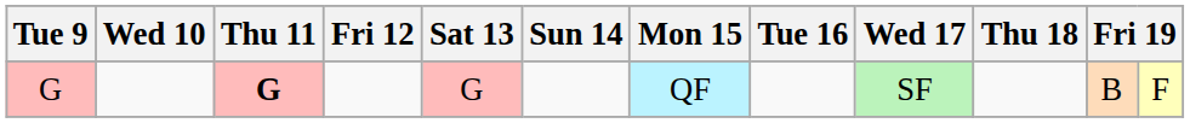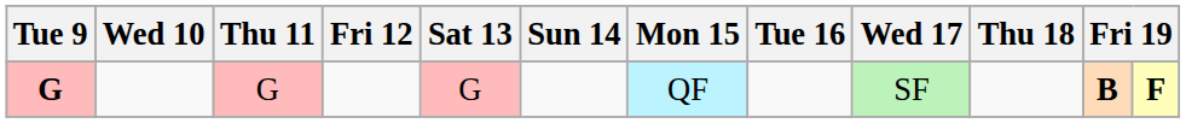 <table class="wikitable" style="margin:0.5em auto; font-size:90%; line-height:1.25em; text-align:center;">
 <tr>
 <th>Tue 9</th>
 <th>Wed 10</th>
 <th>Thu 11</th>
 <th>Fri 12</th>
 <th>Sat 13</th>
 <th>Sun 14</th>
 <th>Mon 15</th>
 <th>Tue 16</th>
 <th>Wed 17</th>
 <th>Thu 18</th>
 <th colspan="2">Fri 19</th>
 </tr>
 <tr>
+<td bgcolor="#FFBBBB"><strong>G</strong></td>
+<td></td>
 <td bgcolor="#FFBBBB">G</td>
-<td></td>
-<td bgcolor="#FFBBBB"><strong>G</strong></td>
 <td></td>
 <td bgcolor="#FFBBBB">G</td>
 <td></td>
 <td bgcolor="#BBF3FF">QF</td>
 <td></td>
 <td bgcolor="#BBF3BB">SF</td>
 <td></td>
-<td bgcolor="#FEDCBA">B</td>
-<td bgcolor="#FFFFBB">F</td>
+<td bgcolor="#FEDCBA"><strong>B</strong></td>
+<td bgcolor="#FFFFBB"><strong>F</strong></td>
 </tr>
 </table>
